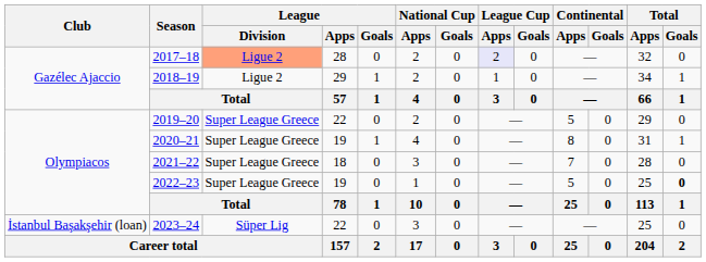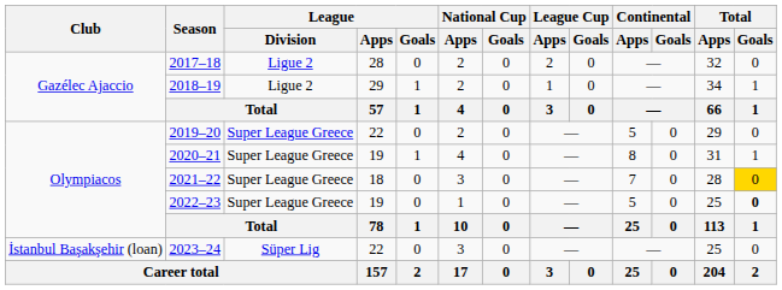 <table class="wikitable" style="text-align: center;">
 <tr>
 <th rowspan=2>Club</th>
 <th rowspan=2>Season</th>
 <th colspan=3>League</th>
 <th colspan=2>National Cup</th>
 <th colspan=2>League Cup</th>
 <th colspan=2>Continental</th>
 <th colspan=2>Total</th>
 </tr>
 <tr>
 <th>Division</th>
 <th>Apps</th>
 <th>Goals</th>
 <th>Apps</th>
 <th>Goals</th>
 <th>Apps</th>
 <th>Goals</th>
 <th>Apps</th>
 <th>Goals</th>
 <th>Apps</th>
 <th>Goals</th>
 </tr>
 <tr>
 <td rowspan="3"><a href='#'>Gazélec Ajaccio</a></td>
 <td><a href='#'>2017–18</a></td>
-<td style="background: lightsalmon;"><a href='#'>Ligue 2</a></td>
+<td><a href='#'>Ligue 2</a></td>
 <td>28</td>
 <td>0</td>
 <td>2</td>
 <td>0</td>
-<td style="background: lavender;">2</td>
+<td>2</td>
 <td>0</td>
 <td colspan="2">—</td>
 <td>32</td>
 <td>0</td>
 </tr>
 <tr>
 <td><a href='#'>2018–19</a></td>
 <td>Ligue 2</td>
 <td>29</td>
 <td>1</td>
 <td>2</td>
 <td>0</td>
 <td>1</td>
 <td>0</td>
 <td colspan="2">—</td>
 <td>34</td>
 <td>1</td>
 </tr>
 <tr>
 <th colspan=2>Total</th>
 <th>57</th>
 <th>1</th>
 <th>4</th>
 <th>0</th>
 <th>3</th>
 <th>0</th>
 <th colspan="2">—</th>
 <th>66</th>
 <th>1</th>
 </tr>
 <tr>
 <td rowspan="5"><a href='#'>Olympiacos</a></td>
 <td><a href='#'>2019–20</a></td>
 <td><a href='#'>Super League Greece</a></td>
 <td>22</td>
 <td>0</td>
 <td>2</td>
 <td>0</td>
 <td colspan="2">—</td>
 <td>5</td>
 <td>0</td>
 <td>29</td>
 <td>0</td>
 </tr>
 <tr>
 <td><a href='#'>2020–21</a></td>
 <td>Super League Greece</td>
 <td>19</td>
 <td>1</td>
 <td>4</td>
 <td>0</td>
 <td colspan="2">—</td>
 <td>8</td>
 <td>0</td>
 <td>31</td>
 <td>1</td>
 </tr>
 <tr>
 <td><a href='#'>2021–22</a></td>
 <td>Super League Greece</td>
 <td>18</td>
 <td>0</td>
 <td>3</td>
 <td>0</td>
 <td colspan="2">—</td>
 <td>7</td>
 <td>0</td>
 <td>28</td>
-<td>0</td>
+<td style="background: gold;">0</td>
 </tr>
 <tr>
 <td><a href='#'>2022–23</a></td>
 <td>Super League Greece</td>
 <td>19</td>
 <td>0</td>
 <td>1</td>
 <td>0</td>
 <td colspan="2">—</td>
 <td>5</td>
 <td>0</td>
 <td>25</td>
 <td><strong>0</strong></td>
 </tr>
 <tr>
 <th colspan="2">Total</th>
 <th>78</th>
 <th>1</th>
 <th>10</th>
 <th>0</th>
 <th colspan="2">—</th>
 <th>25</th>
 <th>0</th>
 <th>113</th>
 <th>1</th>
 </tr>
 <tr>
 <td><a href='#'>İstanbul Başakşehir</a> (loan)</td>
 <td><a href='#'>2023–24</a></td>
 <td><a href='#'>Süper Lig</a></td>
 <td>22</td>
 <td>0</td>
 <td>3</td>
 <td>0</td>
 <td colspan="2">—</td>
 <td colspan="2">—</td>
 <td>25</td>
 <td>0</td>
 </tr>
 <tr>
 <th colspan="3">Career total</th>
 <th>157</th>
 <th>2</th>
 <th>17</th>
 <th>0</th>
 <th>3</th>
 <th>0</th>
 <th>25</th>
 <th>0</th>
 <th>204</th>
 <th>2</th>
 </tr>
 </table>
